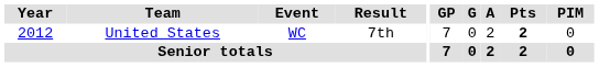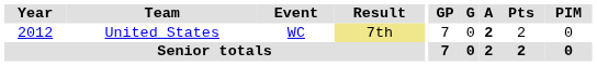 <table border="0" cellpadding="1" cellspacing="0" ID="Table3" style="text-align:center; width:40em">
 <tr ALIGN="center" bgcolor="#e0e0e0">
 <th>Year</th>
 <th>Team</th>
 <th>Event</th>
 <th>Result</th>
 <th rowspan="99" bgcolor="#ffffff"></th>
 <th>GP</th>
 <th>G</th>
 <th>A</th>
 <th>Pts</th>
 <th>PIM</th>
 </tr>
 <tr>
 <td><a href='#'>2012</a></td>
 <td><a href='#'>United States</a></td>
 <td><a href='#'>WC</a></td>
-<td>7th</td>
+<td style="background: khaki;">7th</td>
 <td>7</td>
 <td>0</td>
+<td><strong>2</strong></td>
 <td>2</td>
-<td><strong>2</strong></td>
 <td>0</td>
 </tr>
 <tr bgcolor="#e0e0e0">
 <th colspan=4>Senior totals</th>
 <th>7</th>
 <th>0</th>
 <th>2</th>
 <th>2</th>
 <th>0</th>
 </tr>
 </table>
